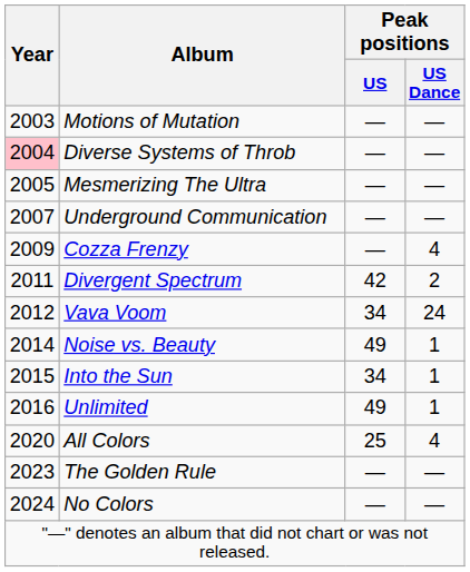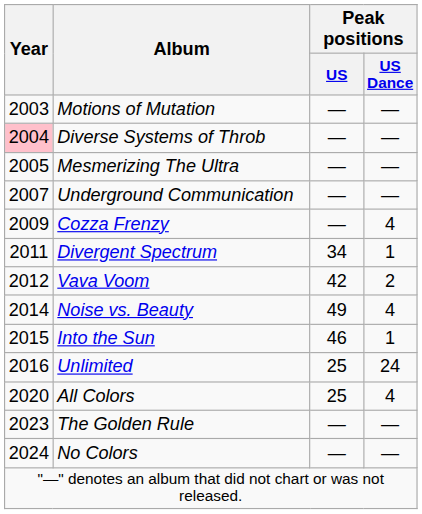 <table class="wikitable plainrowheaders">
 <tr>
 <th rowspan="2" align="center" width="10">Year</th>
 <th rowspan="2" align="center" width="220">Album</th>
 <th colspan="2" align="center" width="20">Peak positions</th>
 </tr>
 <tr>
 <th scope="col" style="width:3em;font-size:85%;"><a href='#'>US</a><br></th>
 <th scope="col" style="width:3em;font-size:85%;"><a href='#'>US<br>Dance</a><br></th>
 </tr>
 <tr>
 <td style="text-align:center;">2003</td>
 <td><em>Motions of Mutation</em></td>
 <td style="text-align:center;">—</td>
 <td style="text-align:center;">—</td>
 </tr>
 <tr>
 <td style="background: pink; text-align:center;">2004</td>
 <td><em>Diverse Systems of Throb</em></td>
 <td style="text-align:center;">—</td>
 <td style="text-align:center;">—</td>
 </tr>
 <tr>
 <td style="text-align:center;">2005</td>
 <td><em>Mesmerizing The Ultra</em></td>
 <td style="text-align:center;">—</td>
 <td style="text-align:center;">—</td>
 </tr>
 <tr>
 <td style="text-align:center;">2007</td>
 <td><em>Underground Communication</em></td>
 <td style="text-align:center;">—</td>
 <td style="text-align:center;">—</td>
 </tr>
 <tr>
 <td style="text-align:center;">2009</td>
 <td><em><a href='#'>Cozza Frenzy</a></em></td>
 <td style="text-align:center;">—</td>
 <td style="text-align:center;">4</td>
 </tr>
 <tr>
 <td style="text-align:center;">2011</td>
 <td><em><a href='#'>Divergent Spectrum</a></em></td>
-<td style="text-align:center;">42</td>
-<td style="text-align:center;">2</td>
+<td style="text-align:center;">34</td>
+<td style="text-align:center;">1</td>
 </tr>
 <tr>
 <td style="text-align:center;">2012</td>
 <td><em><a href='#'>Vava Voom</a></em></td>
-<td style="text-align:center;">34</td>
-<td style="text-align:center;">24</td>
+<td style="text-align:center;">42</td>
+<td style="text-align:center;">2</td>
 </tr>
 <tr>
 <td style="text-align:center;">2014</td>
 <td><em><a href='#'>Noise vs. Beauty</a></em></td>
 <td style="text-align:center;">49</td>
-<td style="text-align:center;">1</td>
+<td style="text-align:center;">4</td>
 </tr>
 <tr>
 <td style="text-align:center;">2015</td>
 <td><em><a href='#'>Into the Sun</a></em></td>
-<td style="text-align:center;">34</td>
+<td style="text-align:center;">46</td>
 <td style="text-align:center;">1</td>
 </tr>
 <tr>
 <td style="text-align:center;">2016</td>
 <td><em><a href='#'>Unlimited</a></em></td>
-<td style="text-align:center;">49</td>
-<td style="text-align:center;">1</td>
+<td style="text-align:center;">25</td>
+<td style="text-align:center;">24</td>
 </tr>
 <tr>
 <td style="text-align:center;">2020</td>
 <td><em>All Colors</em></td>
 <td style="text-align:center;">25</td>
 <td style="text-align:center;">4</td>
 </tr>
 <tr>
 <td>2023</td>
 <td><em>The Golden Rule</em></td>
 <td style="text-align:center;">—</td>
 <td style="text-align:center;">—</td>
 </tr>
 <tr>
 <td>2024</td>
 <td><em>No Colors</em></td>
 <td style="text-align:center;">—</td>
 <td style="text-align:center;">—</td>
 </tr>
 <tr>
 <td colspan="4" style="text-align:center;font-size:85%">"—" denotes an album that did not chart or was not released.</td>
 </tr>
 </table>
